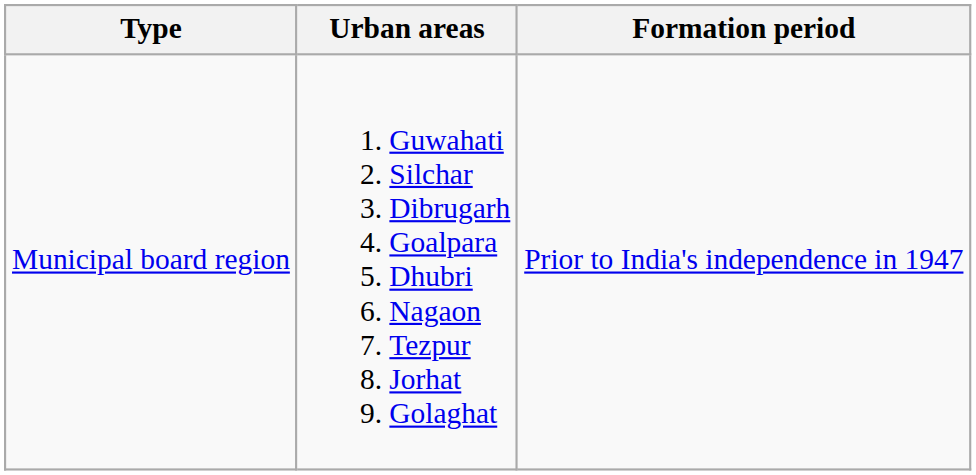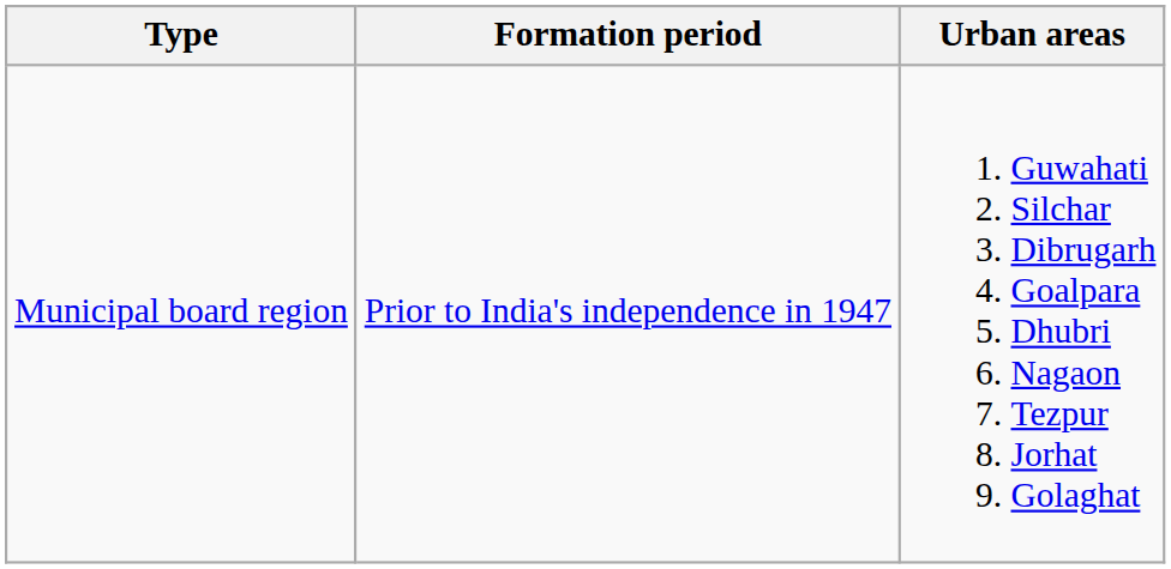 <table class="wikitable" style="font-size:86%">
 <tr>
 <th>Type</th>
+<th>Formation period</th>
 <th>Urban areas</th>
-<th>Formation period</th>
 </tr>
 <tr>
 <td><a href='#'>Municipal board region</a></td>
+<td><a href='#'>Prior to India's independence in 1947</a></td>
 <td><br><ol><li><a href='#'>Guwahati</a></li><li><a href='#'>Silchar</a></li><li><a href='#'>Dibrugarh</a></li><li><a href='#'>Goalpara</a></li><li><a href='#'>Dhubri</a></li><li><a href='#'>Nagaon</a></li><li><a href='#'>Tezpur</a></li><li><a href='#'>Jorhat</a></li><li><a href='#'>Golaghat</a></li></ol></td>
-<td><a href='#'>Prior to India's independence in 1947</a></td>
 </tr>
 </table>
